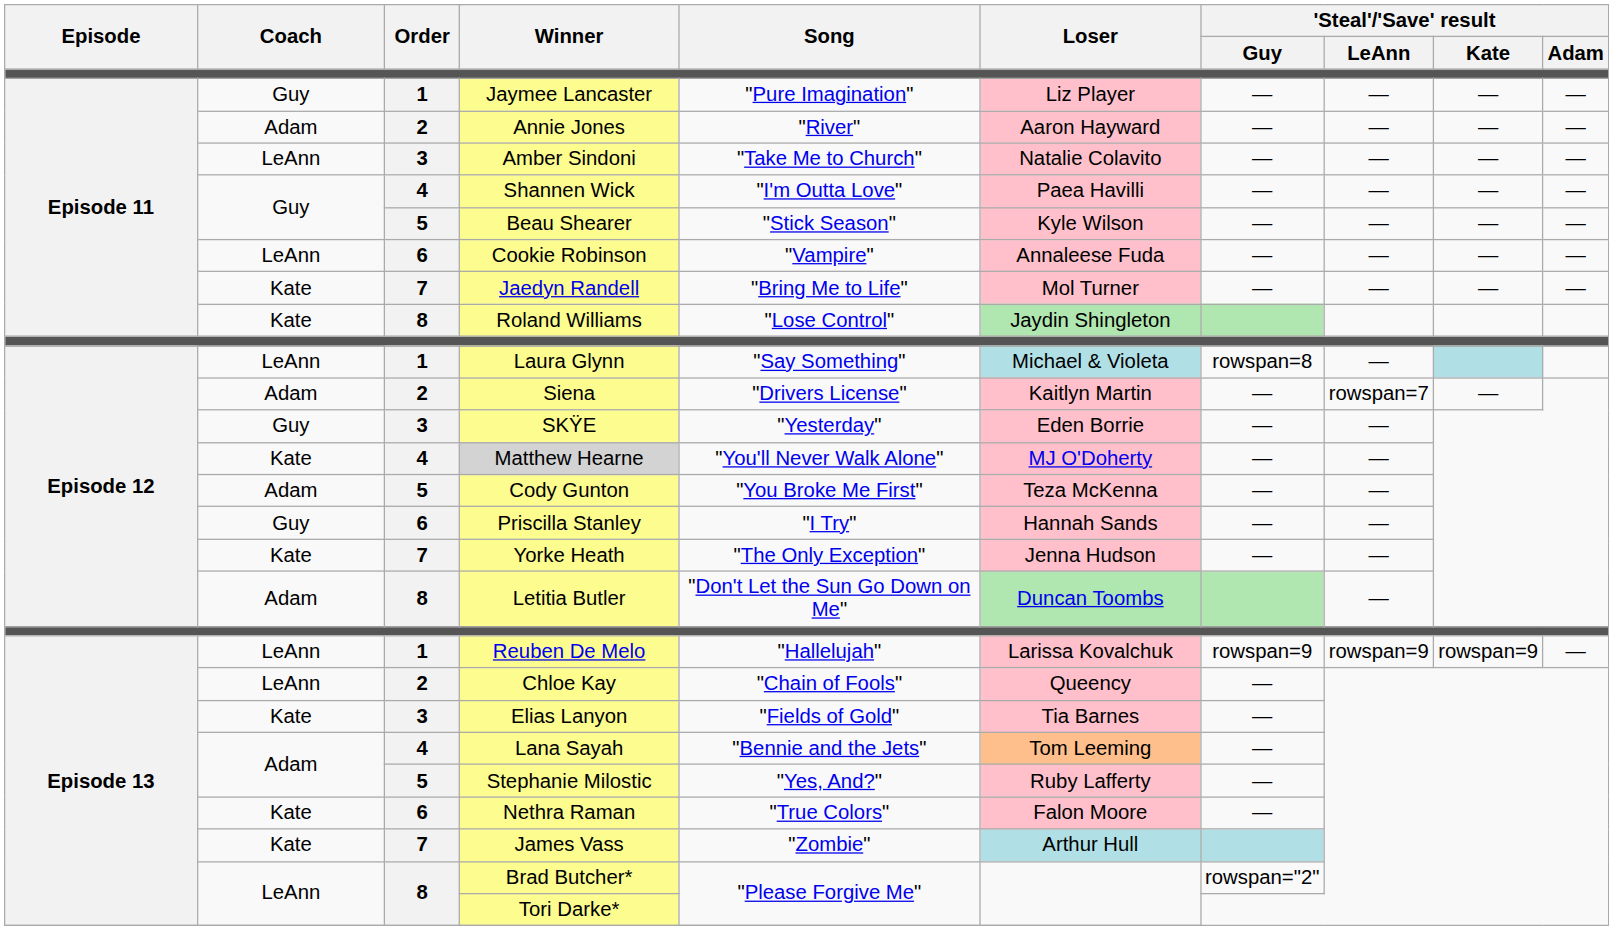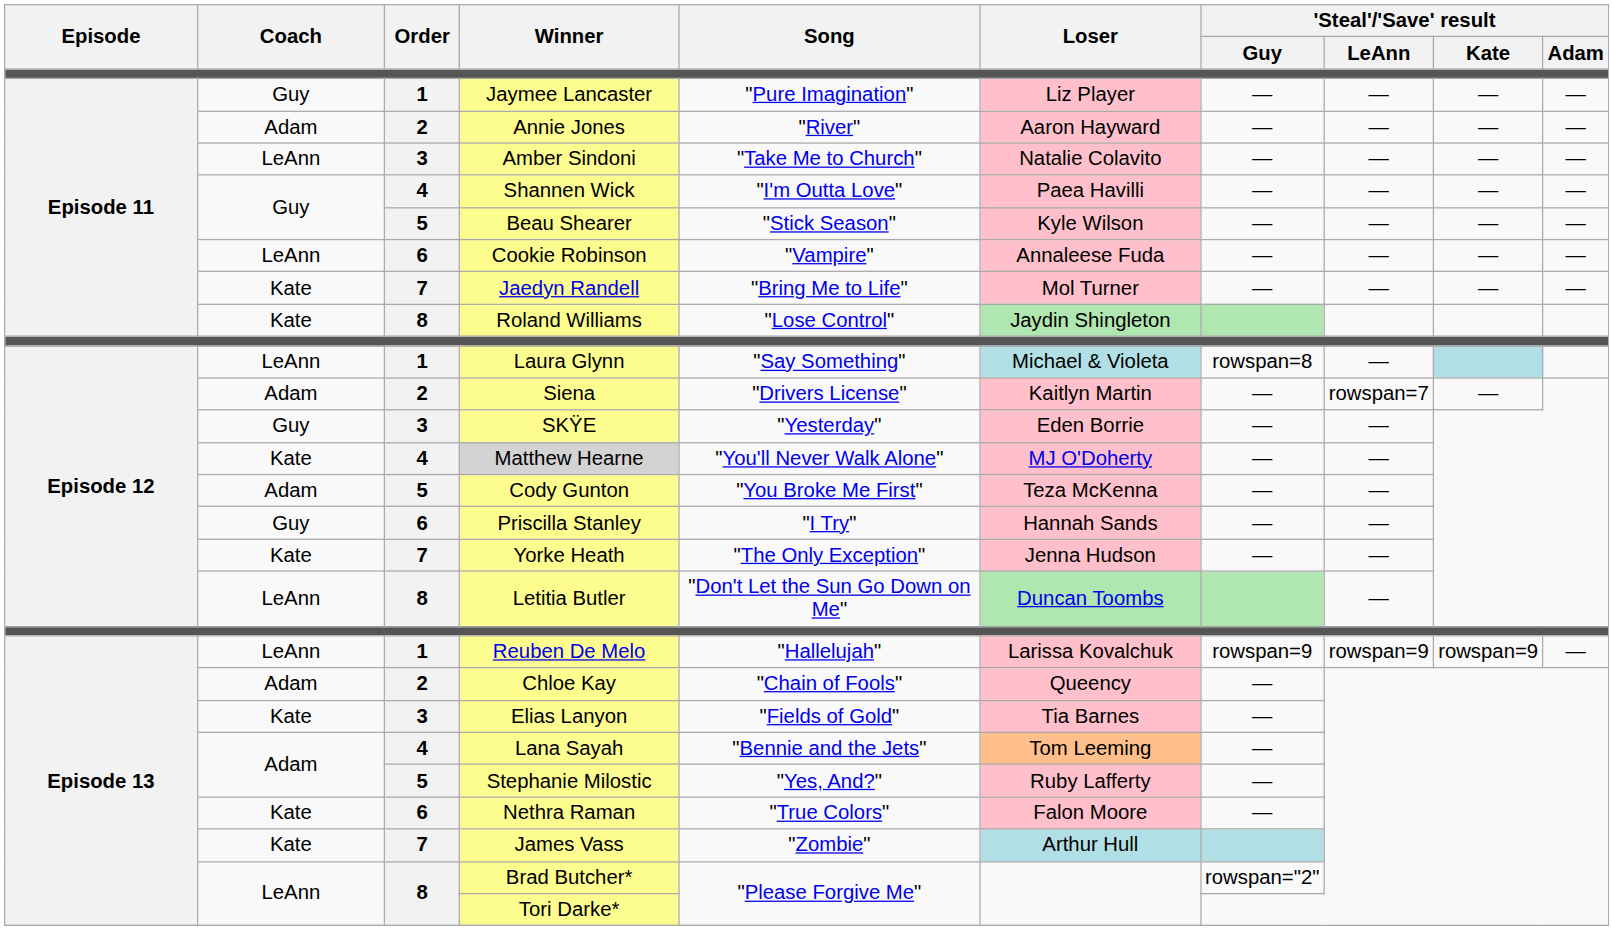 <table class="wikitable" style="text-align: center; width:100%;">
 <tr>
 <th rowspan="2" style="width:15%;">Episode</th>
 <th rowspan="2" style="width:15%;">Coach</th>
 <th rowspan="2" style="width:05%;">Order</th>
 <th rowspan="2" style="width:17%;">Winner</th>
 <th rowspan="2" style="width:24%;">Song</th>
 <th rowspan="2" style="width:17%;">Loser</th>
 <th colspan="4" style="width:16%;">'Steal'/'Save' result</th>
 </tr>
 <tr>
 <th style="width:04;">Guy</th>
 <th style="width:04%;">LeAnn</th>
 <th style="width:04%;">Kate</th>
 <th style="width:04%;">Adam</th>
 </tr>
 <tr>
 <td colspan="10" style="background:#555;"></td>
 </tr>
 <tr>
 <th rowspan="8">Episode 11<br></th>
 <td>Guy</td>
 <th>1</th>
 <td style="background:#FDFC8F;">Jaymee Lancaster</td>
 <td>"<a href='#'>Pure Imagination</a>"</td>
 <td style="background:pink;">Liz Player</td>
 <td>—</td>
 <td>—</td>
 <td>—</td>
 <td>—</td>
 </tr>
 <tr>
 <td>Adam</td>
 <th>2</th>
 <td style="background:#FDFC8F;">Annie Jones</td>
 <td>"<a href='#'>River</a>"</td>
 <td style="background:pink;">Aaron Hayward</td>
 <td>—</td>
 <td>—</td>
 <td>—</td>
 <td>—</td>
 </tr>
 <tr>
 <td>LeAnn</td>
 <th>3</th>
 <td style="background:#FDFC8F;">Amber Sindoni</td>
 <td>"<a href='#'>Take Me to Church</a>"</td>
 <td style="background:pink;">Natalie Colavito</td>
 <td>—</td>
 <td>—</td>
 <td>—</td>
 <td>—</td>
 </tr>
 <tr>
 <td rowspan="2">Guy</td>
 <th>4</th>
 <td style="background:#FDFC8F;">Shannen Wick</td>
 <td>"<a href='#'>I'm Outta Love</a>"</td>
 <td style="background:pink;">Paea Havilli</td>
 <td>—</td>
 <td>—</td>
 <td>—</td>
 <td>—</td>
 </tr>
 <tr>
 <th>5</th>
 <td style="background:#FDFC8F;">Beau Shearer</td>
 <td>"<a href='#'>Stick Season</a>"</td>
 <td style="background:pink;">Kyle Wilson</td>
 <td>—</td>
 <td>—</td>
 <td>—</td>
 <td>—</td>
 </tr>
 <tr>
 <td>LeAnn</td>
 <th>6</th>
 <td style="background:#FDFC8F;">Cookie Robinson</td>
 <td>"<a href='#'>Vampire</a>"</td>
 <td style="background:pink;">Annaleese Fuda</td>
 <td>—</td>
 <td>—</td>
 <td>—</td>
 <td>—</td>
 </tr>
 <tr>
 <td>Kate</td>
 <th>7</th>
 <td style="background:#FDFC8F;"><a href='#'>Jaedyn Randell</a></td>
 <td>"<a href='#'>Bring Me to Life</a>"</td>
 <td style="background:pink;">Mol Turner</td>
 <td>—</td>
 <td>—</td>
 <td>—</td>
 <td>—</td>
 </tr>
 <tr>
 <td>Kate</td>
 <th>8</th>
 <td style="background:#FDFC8F;">Roland Williams</td>
 <td>"<a href='#'>Lose Control</a>"</td>
 <td style="background:#b0e6b0">Jaydin Shingleton</td>
 <td style="background:#b0e6b0"><strong></strong></td>
 <td><strong></strong></td>
 <td><strong></strong></td>
 <td><strong></strong></td>
 </tr>
 <tr>
 <td colspan="10" style="background:#555;"></td>
 </tr>
 <tr>
 <th rowspan="8">Episode 12<br></th>
 <td>LeAnn</td>
 <th>1</th>
 <td style="background:#FDFC8F;">Laura Glynn</td>
 <td>"<a href='#'>Say Something</a>"</td>
 <td style="background:#b0e0e6;">Michael & Violeta</td>
 <td>rowspan=8 </td>
 <td>—</td>
 <td style="background:#b0e0e6;"><strong></strong></td>
 <td><strong></strong></td>
 </tr>
 <tr>
 <td>Adam</td>
 <th>2</th>
 <td style="background:#FDFC8F;">Siena</td>
 <td>"<a href='#'>Drivers License</a>"</td>
 <td style="background:pink;">Kaitlyn Martin</td>
 <td>—</td>
 <td>rowspan=7 </td>
 <td>—</td>
 </tr>
 <tr>
 <td>Guy</td>
 <th>3</th>
 <td style="background:#FDFC8F;">SKŸE</td>
 <td>"<a href='#'>Yesterday</a>"</td>
 <td style="background:pink;">Eden Borrie</td>
 <td>—</td>
 <td>—</td>
 </tr>
 <tr>
 <td>Kate</td>
 <th>4</th>
 <td style="background:lightgray;">Matthew Hearne</td>
 <td>"<a href='#'>You'll Never Walk Alone</a>"</td>
 <td style="background:pink;"><a href='#'>MJ O'Doherty</a></td>
 <td>—</td>
 <td>—</td>
 </tr>
 <tr>
 <td>Adam</td>
 <th>5</th>
 <td style="background:#FDFC8F;">Cody Gunton</td>
 <td>"<a href='#'>You Broke Me First</a>"</td>
 <td style="background:pink;">Teza McKenna</td>
 <td>—</td>
 <td>—</td>
 </tr>
 <tr>
 <td>Guy</td>
 <th>6</th>
 <td style="background:#FDFC8F;">Priscilla Stanley</td>
 <td>"<a href='#'>I Try</a>"</td>
 <td style="background:pink;">Hannah Sands</td>
 <td>—</td>
 <td>—</td>
 </tr>
 <tr>
 <td>Kate</td>
 <th>7</th>
 <td style="background:#FDFC8F;">Yorke Heath</td>
 <td>"<a href='#'>The Only Exception</a>"</td>
 <td style="background:pink;">Jenna Hudson</td>
 <td>—</td>
 <td>—</td>
 </tr>
 <tr>
-<td>Adam</td>
+<td>LeAnn</td>
 <th>8</th>
 <td style="background:#FDFC8F;">Letitia Butler</td>
 <td>"<a href='#'>Don't Let the Sun Go Down on Me</a>"</td>
 <td style="background:#b0e6b0"><a href='#'>Duncan Toombs</a></td>
 <td style="background:#b0e6b0"><strong></strong></td>
 <td>—</td>
 </tr>
 <tr>
 <td colspan="10" style="background:#555;"></td>
 </tr>
 <tr>
 <th rowspan="9">Episode 13<br></th>
 <td>LeAnn</td>
 <th>1</th>
 <td style="background:#FDFC8F;"><a href='#'>Reuben De Melo</a></td>
 <td>"<a href='#'>Hallelujah</a>"</td>
 <td style="background:pink;">Larissa Kovalchuk</td>
 <td>rowspan=9 </td>
 <td>rowspan=9 </td>
 <td>rowspan=9 </td>
 <td>—</td>
 </tr>
 <tr>
-<td>LeAnn</td>
+<td>Adam</td>
 <th>2</th>
 <td style="background:#FDFC8F;">Chloe Kay</td>
 <td>"<a href='#'>Chain of Fools</a>"</td>
 <td style="background:pink;">Queency</td>
 <td>—</td>
 </tr>
 <tr>
 <td>Kate</td>
 <th>3</th>
 <td style="background:#FDFC8F;">Elias Lanyon</td>
 <td>"<a href='#'>Fields of Gold</a>"</td>
 <td style="background:pink;">Tia Barnes</td>
 <td>—</td>
 </tr>
 <tr>
 <td rowspan="2">Adam</td>
 <th>4</th>
 <td style="background:#FDFC8F;">Lana Sayah</td>
 <td>"<a href='#'>Bennie and the Jets</a>"</td>
 <td style="background:#FFBF8C;">Tom Leeming</td>
 <td>—</td>
 </tr>
 <tr>
 <th>5</th>
 <td style="background:#FDFC8F;">Stephanie Milostic</td>
 <td>"<a href='#'>Yes, And?</a>"</td>
 <td style="background:pink;">Ruby Lafferty</td>
 <td>—</td>
 </tr>
 <tr>
 <td>Kate</td>
 <th>6</th>
 <td style="background:#FDFC8F;">Nethra Raman</td>
 <td>"<a href='#'>True Colors</a>"</td>
 <td style="background:pink;">Falon Moore</td>
 <td>—</td>
 </tr>
 <tr>
 <td>Kate</td>
 <th>7</th>
 <td style="background:#FDFC8F;">James Vass</td>
 <td>"<a href='#'>Zombie</a>"</td>
 <td style="background:#b0e0e6;">Arthur Hull</td>
 <td style="background:#b0e0e6;"><strong></strong></td>
 </tr>
 <tr>
 <td rowspan="2">LeAnn</td>
 <th rowspan="2">8</th>
 <td style="background:#FDFC8F;">Brad Butcher*</td>
 <td rowspan="2">"<a href='#'>Please Forgive Me</a>"</td>
 <td rowspan="2"></td>
 <td>rowspan="2" </td>
 </tr>
 <tr>
 <td style="background:#FDFC8F;">Tori Darke*</td>
 </tr>
 <tr>
 </tr>
 </table>
